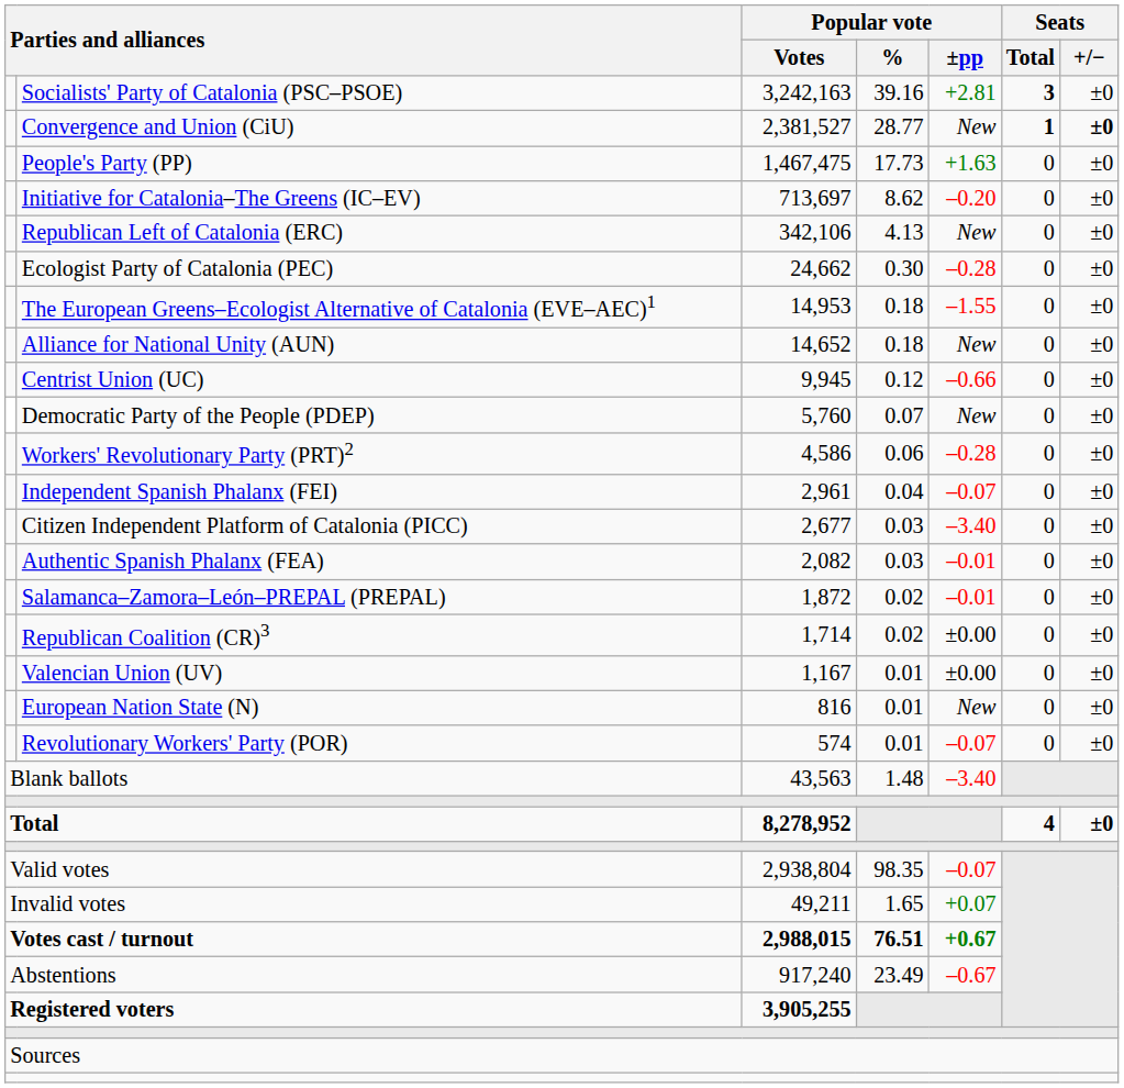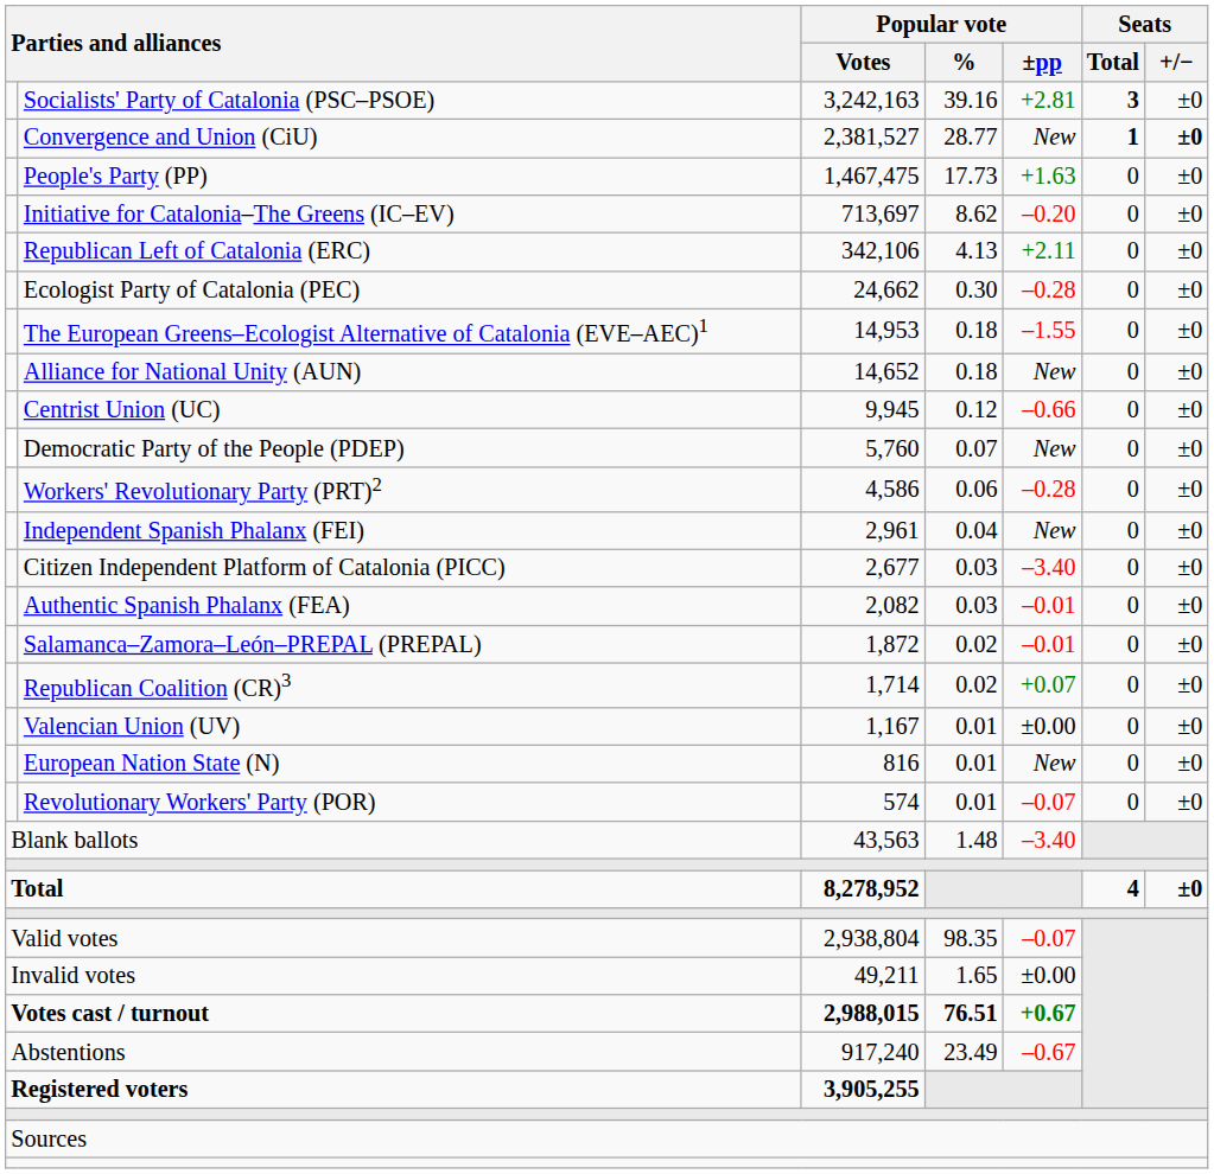 <table class="wikitable" style="text-align:right;">
 <tr>
 <th style="text-align:left;" rowspan="2" colspan="2" width="525">Parties and alliances</th>
 <th colspan="3">Popular vote</th>
 <th colspan="2">Seats</th>
 </tr>
 <tr>
 <th width="75">Votes</th>
 <th width="45">%</th>
 <th width="45">±<a href='#'>pp</a></th>
 <th width="35">Total</th>
 <th width="35">+/−</th>
 </tr>
 <tr>
 <td width="1" style="color:inherit;background:"></td>
 <td align="left"><a href='#'>Socialists' Party of Catalonia</a> (PSC–PSOE)</td>
 <td>3,242,163</td>
 <td>39.16</td>
 <td style="color:green;">+2.81</td>
 <td><strong>3</strong></td>
 <td>±0</td>
 </tr>
 <tr>
 <td style="color:inherit;background:"></td>
 <td align="left"><a href='#'>Convergence and Union</a> (CiU)</td>
 <td>2,381,527</td>
 <td>28.77</td>
 <td><em>New</em></td>
 <td><strong>1</strong></td>
 <td><strong>±0</strong></td>
 </tr>
 <tr>
 <td style="color:inherit;background:"></td>
 <td align="left"><a href='#'>People's Party</a> (PP)</td>
 <td>1,467,475</td>
 <td>17.73</td>
 <td style="color:green;">+1.63</td>
 <td>0</td>
 <td>±0</td>
 </tr>
 <tr>
 <td style="color:inherit;background:"></td>
 <td align="left"><a href='#'>Initiative for Catalonia</a>–<a href='#'>The Greens</a> (IC–EV)</td>
 <td>713,697</td>
 <td>8.62</td>
 <td style="color:red;">–0.20</td>
 <td>0</td>
 <td>±0</td>
 </tr>
 <tr>
 <td style="color:inherit;background:"></td>
 <td align="left"><a href='#'>Republican Left of Catalonia</a> (ERC)</td>
 <td>342,106</td>
 <td>4.13</td>
-<td><em>New</em></td>
+<td style="color:green;">+2.11</td>
 <td>0</td>
 <td>±0</td>
 </tr>
 <tr>
 <td style="color:inherit;background:"></td>
 <td align="left">Ecologist Party of Catalonia (PEC)</td>
 <td>24,662</td>
 <td>0.30</td>
 <td style="color:red;">–0.28</td>
 <td>0</td>
 <td>±0</td>
 </tr>
 <tr>
 <td style="color:inherit;background:"></td>
 <td align="left"><a href='#'>The European Greens–Ecologist Alternative of Catalonia</a> (EVE–AEC)<sup>1</sup></td>
 <td>14,953</td>
 <td>0.18</td>
 <td style="color:red;">–1.55</td>
 <td>0</td>
 <td>±0</td>
 </tr>
 <tr>
 <td style="color:inherit;background:"></td>
 <td align="left"><a href='#'>Alliance for National Unity</a> (AUN)</td>
 <td>14,652</td>
 <td>0.18</td>
 <td><em>New</em></td>
 <td>0</td>
 <td>±0</td>
 </tr>
 <tr>
 <td style="color:inherit;background:"></td>
 <td align="left"><a href='#'>Centrist Union</a> (UC)</td>
 <td>9,945</td>
 <td>0.12</td>
 <td style="color:red;">–0.66</td>
 <td>0</td>
 <td>±0</td>
 </tr>
 <tr>
 <td bgcolor="white"></td>
 <td align="left">Democratic Party of the People (PDEP)</td>
 <td>5,760</td>
 <td>0.07</td>
 <td><em>New</em></td>
 <td>0</td>
 <td>±0</td>
 </tr>
 <tr>
 <td style="color:inherit;background:"></td>
 <td align="left"><a href='#'>Workers' Revolutionary Party</a> (PRT)<sup>2</sup></td>
 <td>4,586</td>
 <td>0.06</td>
 <td style="color:red;">–0.28</td>
 <td>0</td>
 <td>±0</td>
 </tr>
 <tr>
 <td style="color:inherit;background:"></td>
 <td align="left"><a href='#'>Independent Spanish Phalanx</a> (FEI)</td>
 <td>2,961</td>
 <td>0.04</td>
-<td style="color:red;">–0.07</td>
+<td><em>New</em></td>
 <td>0</td>
 <td>±0</td>
 </tr>
 <tr>
 <td style="color:inherit;background:"></td>
 <td align="left">Citizen Independent Platform of Catalonia (PICC)</td>
 <td>2,677</td>
 <td>0.03</td>
 <td style="color:red;">–3.40</td>
 <td>0</td>
 <td>±0</td>
 </tr>
 <tr>
 <td style="color:inherit;background:"></td>
 <td align="left"><a href='#'>Authentic Spanish Phalanx</a> (FEA)</td>
 <td>2,082</td>
 <td>0.03</td>
 <td style="color:red;">–0.01</td>
 <td>0</td>
 <td>±0</td>
 </tr>
 <tr>
 <td style="color:inherit;background:"></td>
 <td align="left"><a href='#'>Salamanca–Zamora–León–PREPAL</a> (PREPAL)</td>
 <td>1,872</td>
 <td>0.02</td>
 <td style="color:red;">–0.01</td>
 <td>0</td>
 <td>±0</td>
 </tr>
 <tr>
 <td style="color:inherit;background:"></td>
 <td align="left"><a href='#'>Republican Coalition</a> (CR)<sup>3</sup></td>
 <td>1,714</td>
 <td>0.02</td>
-<td>±0.00</td>
+<td style="color:green;">+0.07</td>
 <td>0</td>
 <td>±0</td>
 </tr>
 <tr>
 <td style="color:inherit;background:"></td>
 <td align="left"><a href='#'>Valencian Union</a> (UV)</td>
 <td>1,167</td>
 <td>0.01</td>
 <td>±0.00</td>
 <td>0</td>
 <td>±0</td>
 </tr>
 <tr>
 <td style="color:inherit;background:"></td>
 <td align="left"><a href='#'>European Nation State</a> (N)</td>
 <td>816</td>
 <td>0.01</td>
 <td><em>New</em></td>
 <td>0</td>
 <td>±0</td>
 </tr>
 <tr>
 <td style="color:inherit;background:"></td>
 <td align="left"><a href='#'>Revolutionary Workers' Party</a> (POR)</td>
 <td>574</td>
 <td>0.01</td>
 <td style="color:red;">–0.07</td>
 <td>0</td>
 <td>±0</td>
 </tr>
 <tr>
 <td align="left" colspan="2">Blank ballots</td>
 <td>43,563</td>
 <td>1.48</td>
 <td style="color:red;">–3.40</td>
 <td bgcolor="#E9E9E9" colspan="2"></td>
 </tr>
 <tr>
 <td colspan="7" bgcolor="#E9E9E9"></td>
 </tr>
 <tr style="font-weight:bold;">
 <td align="left" colspan="2">Total</td>
 <td>8,278,952</td>
 <td bgcolor="#E9E9E9" colspan="2"></td>
 <td>4</td>
 <td>±0</td>
 </tr>
 <tr>
 <td colspan="7" bgcolor="#E9E9E9"></td>
 </tr>
 <tr>
 <td align="left" colspan="2">Valid votes</td>
 <td>2,938,804</td>
 <td>98.35</td>
 <td style="color:red;">–0.07</td>
 <td bgcolor="#E9E9E9" colspan="2" rowspan="5"></td>
 </tr>
 <tr>
 <td align="left" colspan="2">Invalid votes</td>
 <td>49,211</td>
 <td>1.65</td>
-<td style="color:green;">+0.07</td>
+<td>±0.00</td>
 </tr>
 <tr style="font-weight:bold;">
 <td align="left" colspan="2">Votes cast / turnout</td>
 <td>2,988,015</td>
 <td>76.51</td>
 <td style="color:green;">+0.67</td>
 </tr>
 <tr>
 <td align="left" colspan="2">Abstentions</td>
 <td>917,240</td>
 <td>23.49</td>
 <td style="color:red;">–0.67</td>
 </tr>
 <tr style="font-weight:bold;">
 <td align="left" colspan="2">Registered voters</td>
 <td>3,905,255</td>
 <td bgcolor="#E9E9E9" colspan="2"></td>
 </tr>
 <tr>
 <td colspan="7" bgcolor="#E9E9E9"></td>
 </tr>
 <tr>
 <td align="left" colspan="7">Sources</td>
 </tr>
 <tr>
 <td colspan="7" style="text-align:left; max-width:790px;"></td>
 </tr>
 </table>
